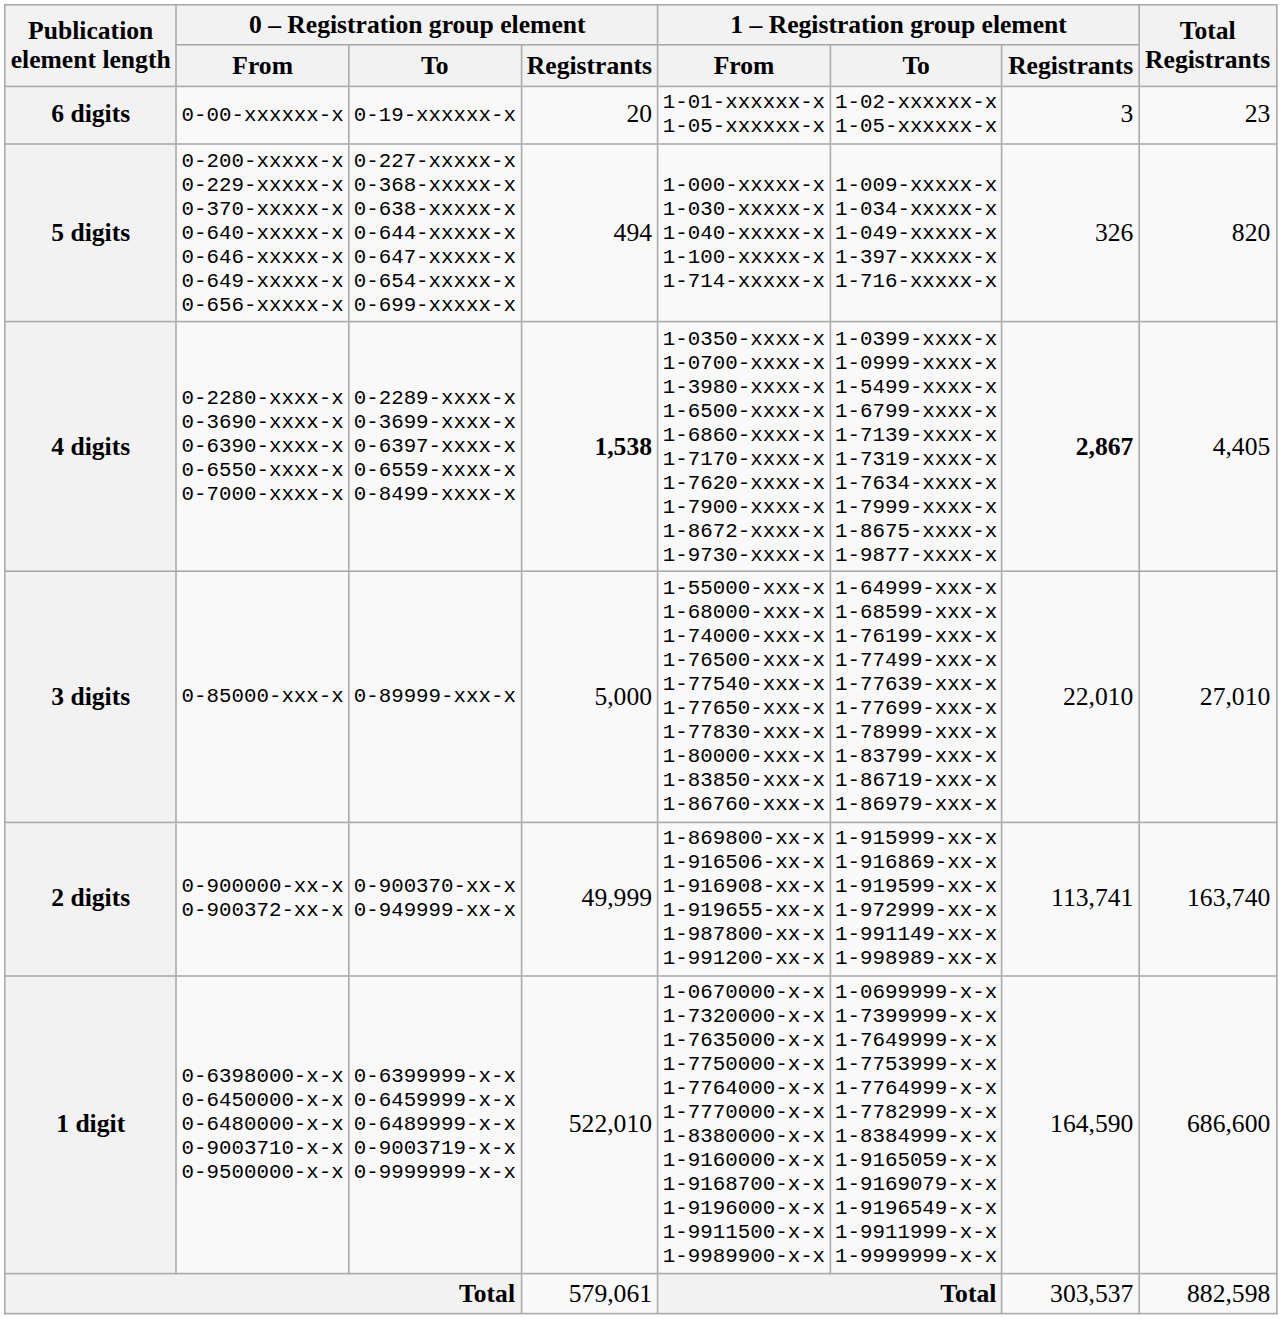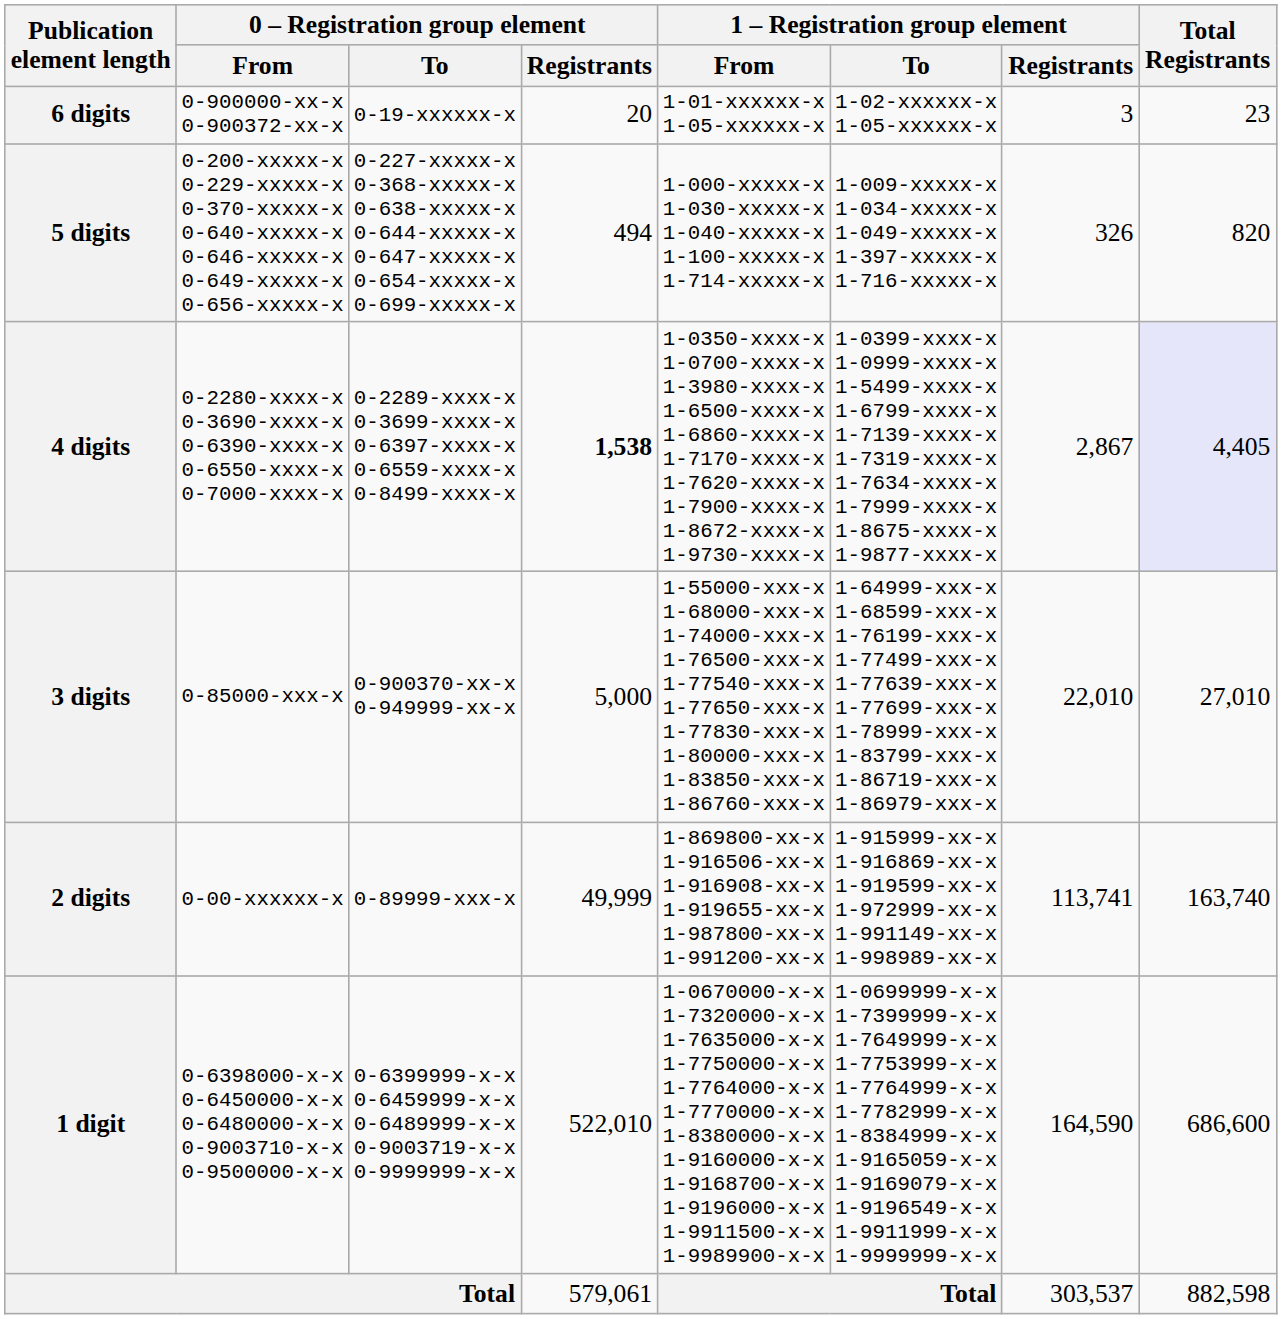 <table class="wikitable" style="text-align:right;">
 <tr>
 <th rowspan="2">Publication<br>element length</th>
 <th colspan="3">0 – Registration group element</th>
 <th colspan="3">1 – Registration group element</th>
 <th rowspan="2">Total<br>Registrants</th>
 </tr>
 <tr>
 <th>From</th>
 <th>To</th>
 <th>Registrants</th>
 <th>From</th>
 <th>To</th>
 <th>Registrants</th>
 </tr>
 <tr>
 <th>6 digits</th>
-<td style="font-family:monospace;">0-00-xxxxxx-x</td>
+<td style="font-family:monospace;">0-900000-xx-x<br>0-900372-xx-x</td>
 <td style="font-family:monospace;">0-19-xxxxxx-x</td>
 <td>20</td>
 <td style="font-family:monospace;">1-01-xxxxxx-x<br>1-05-xxxxxx-x</td>
 <td style="font-family:monospace;">1-02-xxxxxx-x<br>1-05-xxxxxx-x</td>
 <td>3</td>
 <td>23</td>
 </tr>
 <tr>
 <th>5 digits</th>
 <td style="font-family:monospace;">0-200-xxxxx-x<br>0-229-xxxxx-x<br>0-370-xxxxx-x<br>0-640-xxxxx-x<br>0-646-xxxxx-x<br>0-649-xxxxx-x<br>0-656-xxxxx-x</td>
 <td style="font-family:monospace;">0-227-xxxxx-x<br>0-368-xxxxx-x<br>0-638-xxxxx-x<br>0-644-xxxxx-x<br>0-647-xxxxx-x<br>0-654-xxxxx-x<br>0-699-xxxxx-x</td>
 <td>494</td>
 <td style="font-family:monospace;">1-000-xxxxx-x<br>1-030-xxxxx-x<br>1-040-xxxxx-x<br>1-100-xxxxx-x<br>1-714-xxxxx-x</td>
 <td style="font-family:monospace;">1-009-xxxxx-x<br>1-034-xxxxx-x<br>1-049-xxxxx-x<br>1-397-xxxxx-x<br>1-716-xxxxx-x</td>
 <td>326</td>
 <td>820</td>
 </tr>
 <tr>
 <th>4 digits</th>
 <td style="font-family:monospace;">0-2280-xxxx-x<br>0-3690-xxxx-x<br>0-6390-xxxx-x<br>0-6550-xxxx-x<br>0-7000-xxxx-x</td>
 <td style="font-family:monospace;">0-2289-xxxx-x<br>0-3699-xxxx-x<br>0-6397-xxxx-x<br>0-6559-xxxx-x<br>0-8499-xxxx-x</td>
 <td><strong>1,538</strong></td>
 <td style="font-family:monospace;">1-0350-xxxx-x<br>1-0700-xxxx-x<br>1-3980-xxxx-x<br>1-6500-xxxx-x<br>1-6860-xxxx-x<br>1-7170-xxxx-x<br>1-7620-xxxx-x<br>1-7900-xxxx-x<br>1-8672-xxxx-x<br>1-9730-xxxx-x</td>
 <td style="font-family:monospace;">1-0399-xxxx-x<br>1-0999-xxxx-x<br>1-5499-xxxx-x<br>1-6799-xxxx-x<br>1-7139-xxxx-x<br>1-7319-xxxx-x<br>1-7634-xxxx-x<br>1-7999-xxxx-x<br>1-8675-xxxx-x<br>1-9877-xxxx-x</td>
-<td><strong>2,867</strong></td>
-<td>4,405</td>
+<td>2,867</td>
+<td style="background: lavender;">4,405</td>
 </tr>
 <tr>
 <th>3 digits</th>
 <td style="font-family:monospace;">0-85000-xxx-x</td>
-<td style="font-family:monospace;">0-89999-xxx-x</td>
+<td style="font-family:monospace;">0-900370-xx-x<br>0-949999-xx-x</td>
 <td>5,000</td>
 <td style="font-family:monospace;">1-55000-xxx-x<br>1-68000-xxx-x<br>1-74000-xxx-x<br>1-76500-xxx-x<br>1-77540-xxx-x<br>1-77650-xxx-x<br>1-77830-xxx-x<br>1-80000-xxx-x<br>1-83850-xxx-x<br>1-86760-xxx-x</td>
 <td style="font-family:monospace;">1-64999-xxx-x<br>1-68599-xxx-x<br>1-76199-xxx-x<br>1-77499-xxx-x<br>1-77639-xxx-x<br>1-77699-xxx-x<br>1-78999-xxx-x<br>1-83799-xxx-x<br>1-86719-xxx-x<br>1-86979-xxx-x</td>
 <td>22,010</td>
 <td>27,010</td>
 </tr>
 <tr>
 <th>2 digits</th>
-<td style="font-family:monospace;">0-900000-xx-x<br>0-900372-xx-x</td>
-<td style="font-family:monospace;">0-900370-xx-x<br>0-949999-xx-x</td>
+<td style="font-family:monospace;">0-00-xxxxxx-x</td>
+<td style="font-family:monospace;">0-89999-xxx-x</td>
 <td>49,999</td>
 <td style="font-family:monospace;">1-869800-xx-x<br>1-916506-xx-x<br>1-916908-xx-x<br>1-919655-xx-x<br>1-987800-xx-x<br>1-991200-xx-x</td>
 <td style="font-family:monospace;">1-915999-xx-x<br>1-916869-xx-x<br>1-919599-xx-x<br>1-972999-xx-x<br>1-991149-xx-x<br>1-998989-xx-x</td>
 <td>113,741</td>
 <td>163,740</td>
 </tr>
 <tr>
 <th>1 digit</th>
 <td style="font-family:monospace;">0-6398000-x-x<br>0-6450000-x-x<br>0-6480000-x-x<br>0-9003710-x-x<br>0-9500000-x-x</td>
 <td style="font-family:monospace;">0-6399999-x-x<br>0-6459999-x-x<br>0-6489999-x-x<br>0-9003719-x-x<br>0-9999999-x-x</td>
 <td>522,010</td>
 <td style="font-family:monospace;">1-0670000-x-x<br>1-7320000-x-x<br>1-7635000-x-x<br>1-7750000-x-x<br>1-7764000-x-x<br>1-7770000-x-x<br>1-8380000-x-x<br>1-9160000-x-x<br>1-9168700-x-x<br>1-9196000-x-x<br>1-9911500-x-x<br>1-9989900-x-x</td>
 <td style="font-family:monospace;">1-0699999-x-x<br>1-7399999-x-x<br>1-7649999-x-x<br>1-7753999-x-x<br>1-7764999-x-x<br>1-7782999-x-x<br>1-8384999-x-x<br>1-9165059-x-x<br>1-9169079-x-x<br>1-9196549-x-x<br>1-9911999-x-x<br>1-9999999-x-x</td>
 <td>164,590</td>
 <td>686,600</td>
 </tr>
 <tr>
 <th colspan="3" style="text-align:right;">Total</th>
 <td>579,061</td>
 <th colspan="2" style="text-align:right;">Total</th>
 <td>303,537</td>
 <td>882,598</td>
 </tr>
 </table>
